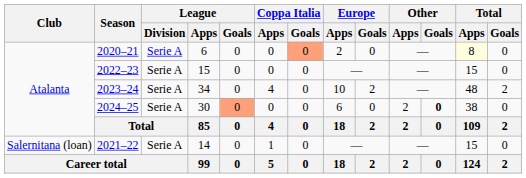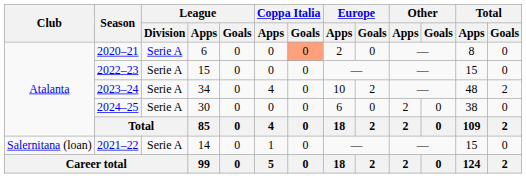 <table class="wikitable" style="text-align:center">
 <tr>
 <th rowspan="2">Club</th>
 <th rowspan="2">Season</th>
 <th colspan="3">League</th>
 <th colspan="2"><a href='#'>Coppa Italia</a></th>
 <th colspan="2"><a href='#'>Europe</a></th>
 <th colspan="2">Other</th>
 <th colspan="2">Total</th>
 </tr>
 <tr>
 <th>Division</th>
 <th>Apps</th>
 <th>Goals</th>
 <th>Apps</th>
 <th>Goals</th>
 <th>Apps</th>
 <th>Goals</th>
 <th>Apps</th>
 <th>Goals</th>
 <th>Apps</th>
 <th>Goals</th>
 </tr>
 <tr>
 <td rowspan="5"><a href='#'>Atalanta</a></td>
 <td><a href='#'>2020–21</a></td>
 <td><a href='#'>Serie A</a></td>
 <td>6</td>
 <td>0</td>
 <td>0</td>
 <td style="background: lightsalmon;">0</td>
 <td>2</td>
 <td>0</td>
 <td colspan="2">—</td>
-<td style="background: lightyellow;">8</td>
+<td>8</td>
 <td>0</td>
 </tr>
 <tr>
 <td><a href='#'>2022–23</a></td>
 <td>Serie A</td>
 <td>15</td>
 <td>0</td>
 <td>0</td>
 <td>0</td>
 <td colspan="2">—</td>
 <td colspan="2">—</td>
 <td>15</td>
 <td>0</td>
 </tr>
 <tr>
 <td><a href='#'>2023–24</a></td>
 <td>Serie A</td>
 <td>34</td>
 <td>0</td>
 <td>4</td>
 <td>0</td>
 <td>10</td>
 <td>2</td>
 <td colspan="2">—</td>
 <td>48</td>
 <td>2</td>
 </tr>
 <tr>
 <td><a href='#'>2024–25</a></td>
 <td>Serie A</td>
 <td>30</td>
-<td style="background: lightsalmon;">0</td>
+<td>0</td>
 <td>0</td>
 <td>0</td>
 <td>6</td>
 <td>0</td>
 <td>2</td>
-<td><strong>0</strong></td>
+<td>0</td>
 <td>38</td>
 <td>0</td>
 </tr>
 <tr>
 <th colspan="2">Total</th>
 <th>85</th>
 <th>0</th>
 <th>4</th>
 <th>0</th>
 <th>18</th>
 <th>2</th>
 <th>2</th>
 <th>0</th>
 <th>109</th>
 <th>2</th>
 </tr>
 <tr>
 <td><a href='#'>Salernitana</a> (loan)</td>
 <td><a href='#'>2021–22</a></td>
 <td>Serie A</td>
 <td>14</td>
 <td>0</td>
 <td>1</td>
 <td>0</td>
 <td colspan="2">—</td>
 <td colspan="2">—</td>
 <td>15</td>
 <td>0</td>
 </tr>
 <tr>
 <th colspan="3">Career total</th>
 <th>99</th>
 <th>0</th>
 <th>5</th>
 <th>0</th>
 <th>18</th>
 <th>2</th>
 <th>2</th>
 <th>0</th>
 <th>124</th>
 <th>2</th>
 </tr>
 </table>
